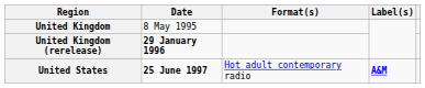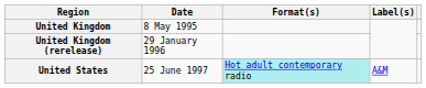 <table class="wikitable plainrowheaders">
 <tr>
 <th scope="col">Region</th>
 <th scope="col">Date</th>
 <th scope="col">Format(s)</th>
 <th scope="col">Label(s)</th>
 <th scope="col"></th>
 </tr>
 <tr>
 <th scope="row">United Kingdom</th>
 <td>8 May 1995</td>
 <td></td>
 <td rowspan="2"></td>
 <td></td>
 </tr>
 <tr>
 <th scope="row">United Kingdom (rerelease)</th>
-<td><strong>29 January 1996</strong></td>
+<td>29 January 1996</td>
 <td></td>
 <td></td>
 </tr>
 <tr>
 <th scope="row">United States</th>
-<td><strong>25 June 1997</strong></td>
-<td><a href='#'>Hot adult contemporary</a> radio</td>
-<td><strong><a href='#'>A&M</a></strong></td>
+<td>25 June 1997</td>
+<td style="background: paleturquoise;"><a href='#'>Hot adult contemporary</a> radio</td>
+<td><a href='#'>A&M</a></td>
 <td></td>
 </tr>
 </table>
